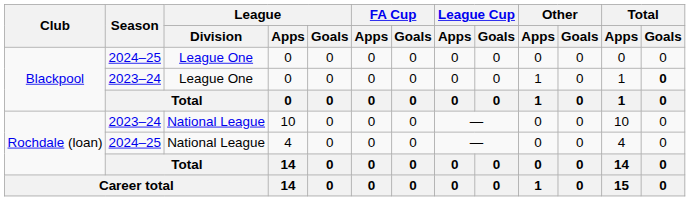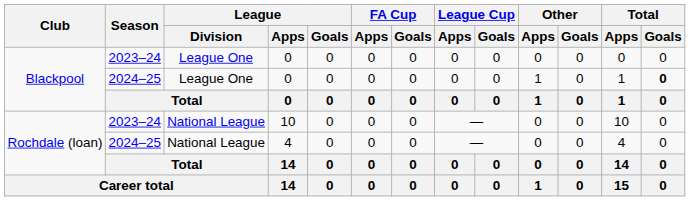 <table class="wikitable" style="text-align: center">
 <tr>
 <th rowspan="2">Club</th>
 <th rowspan="2">Season</th>
 <th colspan="3">League</th>
 <th colspan="2"><a href='#'>FA Cup</a></th>
 <th colspan="2"><a href='#'>League Cup</a></th>
 <th colspan="2">Other</th>
 <th colspan="2">Total</th>
 </tr>
 <tr>
 <th>Division</th>
 <th>Apps</th>
 <th>Goals</th>
 <th>Apps</th>
 <th>Goals</th>
 <th>Apps</th>
 <th>Goals</th>
 <th>Apps</th>
 <th>Goals</th>
 <th>Apps</th>
 <th>Goals</th>
 </tr>
 <tr>
 <td rowspan="3"><a href='#'>Blackpool</a></td>
-<td><a href='#'>2024–25</a></td>
+<td><a href='#'>2023–24</a></td>
 <td><a href='#'>League One</a></td>
 <td>0</td>
 <td>0</td>
 <td>0</td>
 <td>0</td>
 <td>0</td>
 <td>0</td>
 <td>0</td>
 <td>0</td>
 <td>0</td>
 <td>0</td>
 </tr>
 <tr>
-<td><a href='#'>2023–24</a></td>
+<td><a href='#'>2024–25</a></td>
 <td>League One</td>
 <td>0</td>
 <td>0</td>
 <td>0</td>
 <td>0</td>
 <td>0</td>
 <td>0</td>
 <td>1</td>
 <td>0</td>
 <td>1</td>
 <td><strong>0</strong></td>
 </tr>
 <tr>
 <th colspan="2">Total</th>
 <th>0</th>
 <th>0</th>
 <th>0</th>
 <th>0</th>
 <th>0</th>
 <th>0</th>
 <th>1</th>
 <th>0</th>
 <th>1</th>
 <th>0</th>
 </tr>
 <tr>
 <td rowspan="3"><a href='#'>Rochdale</a> (loan)</td>
 <td><a href='#'>2023–24</a></td>
 <td><a href='#'>National League</a></td>
 <td>10</td>
 <td>0</td>
 <td>0</td>
 <td>0</td>
 <td colspan="2">—</td>
 <td>0</td>
 <td>0</td>
 <td>10</td>
 <td>0</td>
 </tr>
 <tr>
 <td><a href='#'>2024–25</a></td>
 <td>National League</td>
 <td>4</td>
 <td>0</td>
 <td>0</td>
 <td>0</td>
 <td colspan="2">—</td>
 <td>0</td>
 <td>0</td>
 <td>4</td>
 <td>0</td>
 </tr>
 <tr>
 <th colspan="2">Total</th>
 <th>14</th>
 <th>0</th>
 <th>0</th>
 <th>0</th>
 <th>0</th>
 <th>0</th>
 <th>0</th>
 <th>0</th>
 <th>14</th>
 <th>0</th>
 </tr>
 <tr>
 <th colspan="3">Career total</th>
 <th>14</th>
 <th>0</th>
 <th>0</th>
 <th>0</th>
 <th>0</th>
 <th>0</th>
 <th>1</th>
 <th>0</th>
 <th>15</th>
 <th>0</th>
 </tr>
 </table>
